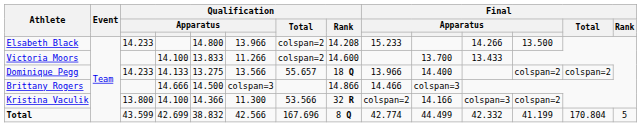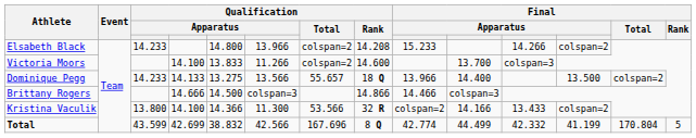 <table class="wikitable" style="font-size:90%">
 <tr>
 <th rowspan=3>Athlete</th>
 <th rowspan=3>Event</th>
 <th colspan=6>Qualification</th>
 <th colspan=6>Final</th>
 </tr>
 <tr style="font-size:95%">
 <th colspan=4>Apparatus</th>
 <th rowspan=2>Total</th>
 <th rowspan=2>Rank</th>
 <th colspan=4>Apparatus</th>
 <th rowspan=2>Total</th>
 <th rowspan=2>Rank</th>
 </tr>
 <tr style="font-size:95%">
 <th></th>
 <th></th>
 <th></th>
 <th></th>
 <th></th>
 <th></th>
 <th></th>
 <th></th>
 </tr>
 <tr align=center>
 <td align=left><a href='#'>Elsabeth Black</a></td>
 <td align=left rowspan=6><a href='#'>Team</a></td>
 <td>14.233</td>
 <td></td>
 <td>14.800</td>
 <td>13.966</td>
 <td>colspan=2 </td>
 <td>14.208</td>
 <td>15.233</td>
 <td></td>
 <td>14.266</td>
-<td>13.500</td>
+<td>colspan=2 </td>
 </tr>
 <tr align=center>
 <td align=left><a href='#'>Victoria Moors</a></td>
 <td></td>
 <td>14.100</td>
 <td>13.833</td>
 <td>11.266</td>
 <td>colspan=2 </td>
 <td>14.600</td>
 <td></td>
 <td>13.700</td>
-<td>13.433</td>
+<td>colspan=3 </td>
 </tr>
 <tr align=center>
 <td align=left><a href='#'>Dominique Pegg</a></td>
 <td>14.233</td>
 <td>14.133</td>
 <td>13.275</td>
 <td>13.566</td>
 <td>55.657</td>
 <td>18 <strong>Q</strong></td>
 <td>13.966</td>
 <td>14.400</td>
 <td></td>
-<td>colspan=2 </td>
+<td>13.500</td>
 <td>colspan=2 </td>
 </tr>
 <tr align=center>
 <td align=left><a href='#'>Brittany Rogers</a></td>
 <td></td>
 <td>14.666</td>
 <td>14.500</td>
 <td>colspan=3 </td>
 <td></td>
 <td>14.866</td>
 <td>14.466</td>
 <td>colspan=3 </td>
 </tr>
 <tr align=center>
 <td align=left><a href='#'>Kristina Vaculik</a></td>
 <td>13.800</td>
 <td>14.100</td>
 <td>14.366</td>
 <td>11.300</td>
 <td>53.566</td>
 <td>32 <strong>R</strong></td>
 <td>colspan=2 </td>
 <td>14.166</td>
-<td>colspan=3 </td>
+<td>13.433</td>
 <td>colspan=2 </td>
 </tr>
 <tr align=center>
 <td align=left><strong>Total</strong></td>
 <td>43.599</td>
 <td>42.699</td>
 <td>38.832</td>
 <td>42.566</td>
 <td>167.696</td>
 <td>8 <strong>Q</strong></td>
 <td>42.774</td>
 <td>44.499</td>
 <td>42.332</td>
 <td>41.199</td>
 <td>170.804</td>
 <td>5</td>
 </tr>
 </table>
